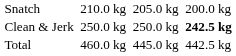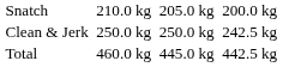 <table>
 <tr>
 <td>Snatch</td>
 <td></td>
 <td>210.0 kg</td>
 <td></td>
 <td>205.0 kg</td>
 <td></td>
 <td>200.0 kg</td>
 </tr>
 <tr>
 <td>Clean & Jerk</td>
 <td></td>
 <td>250.0 kg</td>
 <td></td>
 <td>250.0 kg</td>
 <td></td>
-<td><strong>242.5 kg</strong></td>
+<td>242.5 kg</td>
 </tr>
 <tr>
 <td>Total</td>
 <td></td>
 <td>460.0 kg</td>
 <td></td>
 <td>445.0 kg</td>
 <td></td>
 <td>442.5 kg</td>
 </tr>
 </table>
